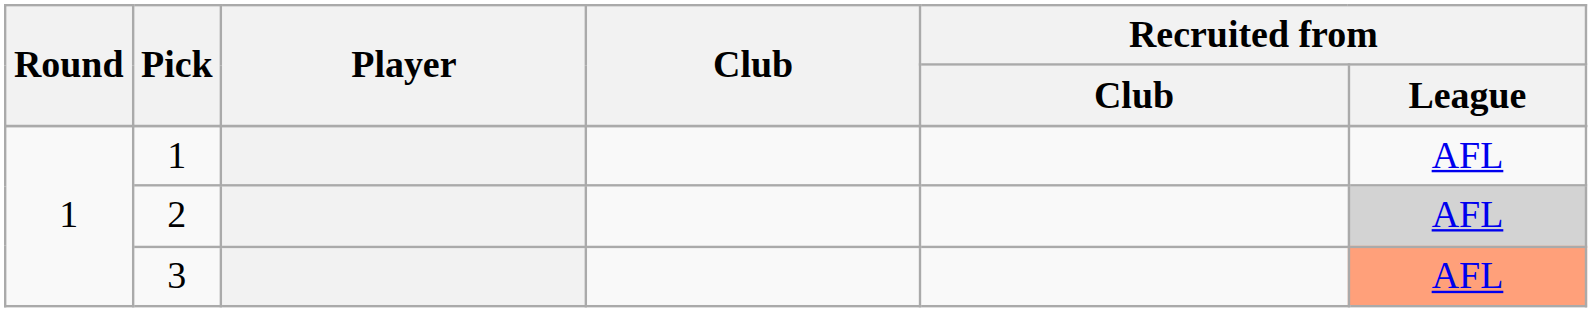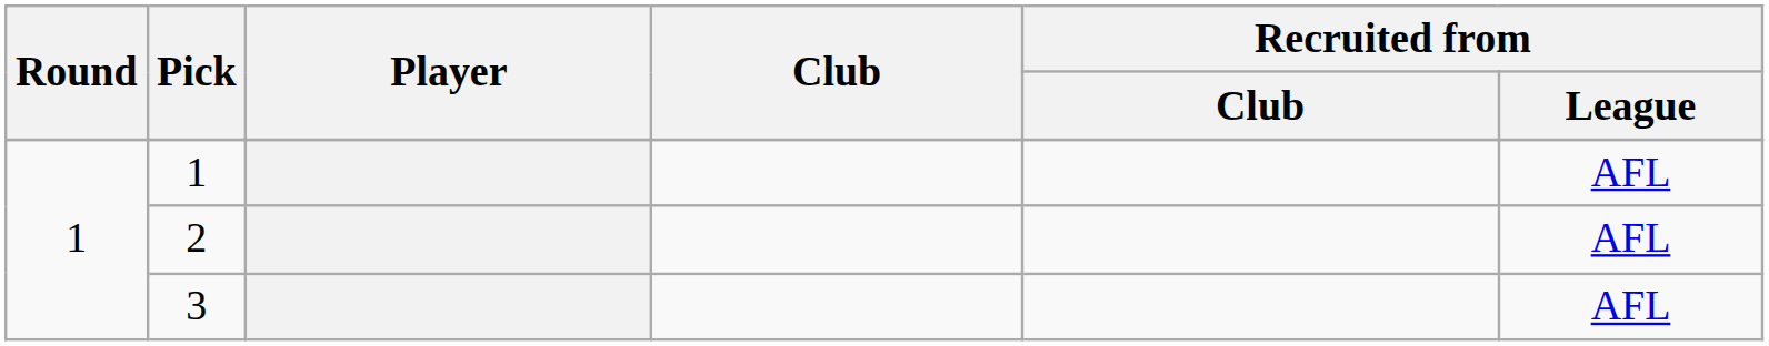 <table class="wikitable sortable plainrowheaders" style="text-align:center;">
 <tr>
 <th rowspan="2">Round</th>
 <th rowspan="2">Pick</th>
 <th rowspan="2" style="width: 110pt">Player</th>
 <th rowspan="2" style="width: 100pt">Club</th>
 <th colspan="2">Recruited from</th>
 </tr>
 <tr>
 <th style="width: 130pt">Club</th>
 <th style="width: 70pt">League</th>
 </tr>
 <tr>
 </tr>
 <tr>
 <td rowspan="3">1</td>
 <td>1</td>
 <th scope="row"></th>
 <td></td>
 <td></td>
 <td><a href='#'>AFL</a></td>
 </tr>
 <tr>
 <td>2</td>
 <th scope="row"></th>
 <td></td>
 <td></td>
-<td style="background: lightgrey;"><a href='#'>AFL</a></td>
+<td><a href='#'>AFL</a></td>
 </tr>
 <tr>
 <td>3</td>
 <th scope="row"></th>
 <td></td>
 <td></td>
-<td style="background: lightsalmon;"><a href='#'>AFL</a></td>
+<td><a href='#'>AFL</a></td>
 </tr>
 </table>
